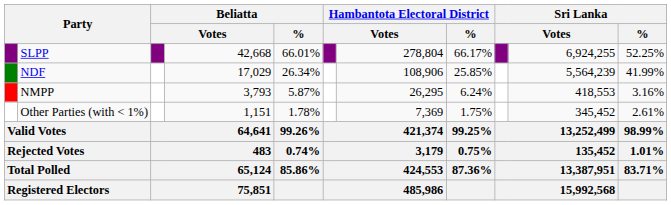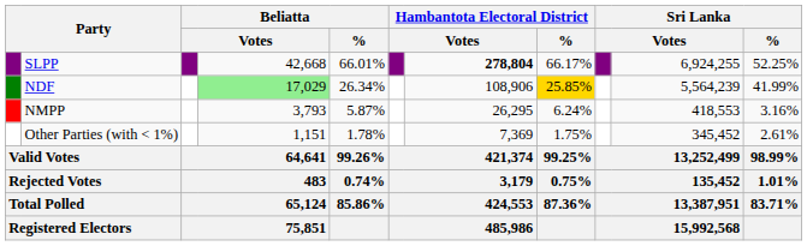 <table class="wikitable">
 <tr>
 <th colspan="2" width="144px"rowspan="2">Party</th>
 <th colspan="3" width="216px">Beliatta</th>
 <th colspan="3" width="216px"><a href='#'>Hambantota Electoral District</a></th>
 <th colspan="3" width="216px">Sri Lanka</th>
 </tr>
 <tr>
 <th colspan="2" width="144px">Votes</th>
 <th>%</th>
 <th colspan="2" width="144px">Votes</th>
 <th>%</th>
 <th colspan="2" width="144px">Votes</th>
 <th>%</th>
 </tr>
 <tr>
 <td style="background-color:purple;" width="10px"></td>
 <td style="text-align:left;"><a href='#'>SLPP</a></td>
 <td style="background-color:purple;" width="10px"></td>
 <td style="text-align:right;">42,668</td>
 <td style="text-align:right;">66.01%</td>
 <td style="background-color:purple;" width="10px"></td>
-<td style="text-align:right;">278,804</td>
+<td style="text-align:right;"><strong>278,804</strong></td>
 <td style="text-align:right;">66.17%</td>
 <td style="background-color:purple;" width="10px"></td>
 <td style="text-align:right;">6,924,255</td>
 <td style="text-align:right;">52.25%</td>
 </tr>
 <tr>
 <td style="background-color:green;" width="10px"></td>
 <td style="text-align:left;"><a href='#'>NDF</a></td>
 <td style="background-color:white;" width="10px"></td>
-<td style="text-align:right;">17,029</td>
+<td style="background: lightgreen; text-align:right;">17,029</td>
 <td style="text-align:right;">26.34%</td>
 <td style="background-color:white;" width="10px"></td>
 <td style="text-align:right;">108,906</td>
-<td style="text-align:right;">25.85%</td>
+<td style="background: gold; text-align:right;">25.85%</td>
 <td style="background-color:white;" width="10px"></td>
 <td style="text-align:right;">5,564,239</td>
 <td style="text-align:right;">41.99%</td>
 </tr>
 <tr>
 <td style="background-color:red;" width="10px"></td>
 <td style="text-align:left;">NMPP</td>
 <td style="background-color:white;" width="10px"></td>
 <td style="text-align:right;">3,793</td>
 <td style="text-align:right;">5.87%</td>
 <td style="background-color:white;" width="10px"></td>
 <td style="text-align:right;">26,295</td>
 <td style="text-align:right;">6.24%</td>
 <td style="background-color:white;" width="10px"></td>
 <td style="text-align:right;">418,553</td>
 <td style="text-align:right;">3.16%</td>
 </tr>
 <tr>
 <td style="background-color:white;" width="10px"></td>
 <td style="text-align:left;">Other Parties (with < 1%)</td>
 <td style="background-color:white;" width="10px"></td>
 <td style="text-align:right;">1,151</td>
 <td style="text-align:right;">1.78%</td>
 <td style="background-color:white;" width="10px"></td>
 <td style="text-align:right;">7,369</td>
 <td style="text-align:right;">1.75%</td>
 <td style="background-color:white;" width="10px"></td>
 <td style="text-align:right;">345,452</td>
 <td style="text-align:right;">2.61%</td>
 </tr>
 <tr>
 <th colspan="2" width="144px"style="text-align:left;">Valid Votes</th>
 <th style="text-align:right;"colspan="2" width="144px">64,641</th>
 <th style="text-align:right;">99.26%</th>
 <th style="text-align:right;"colspan="2" width="144px">421,374</th>
 <th style="text-align:right;">99.25%</th>
 <th style="text-align:right;"colspan="2" width="144px">13,252,499</th>
 <th style="text-align:right;">98.99%</th>
 </tr>
 <tr>
 <th colspan="2" width="144px"style="text-align:left;">Rejected Votes</th>
 <th style="text-align:right;"colspan="2" width="144px">483</th>
 <th style="text-align:right;">0.74%</th>
 <th style="text-align:right;"colspan="2" width="144px">3,179</th>
 <th style="text-align:right;">0.75%</th>
 <th style="text-align:right;"colspan="2" width="144px">135,452</th>
 <th style="text-align:right;">1.01%</th>
 </tr>
 <tr>
 <th colspan="2" width="144px"style="text-align:left;">Total Polled</th>
 <th style="text-align:right;"colspan="2" width="144px">65,124</th>
 <th style="text-align:right;">85.86%</th>
 <th style="text-align:right;"colspan="2" width="144px">424,553</th>
 <th style="text-align:right;">87.36%</th>
 <th style="text-align:right;"colspan="2" width="144px">13,387,951</th>
 <th style="text-align:right;">83.71%</th>
 </tr>
 <tr>
 <th colspan="2" width="144px"style="text-align:left;">Registered Electors</th>
 <th style="text-align:right;"colspan="2" width="144px">75,851</th>
 <th></th>
 <th style="text-align:right;"colspan="2" width="144px">485,986</th>
 <th></th>
 <th style="text-align:right;"colspan="2" width="144px">15,992,568</th>
 <th></th>
 </tr>
 </table>
